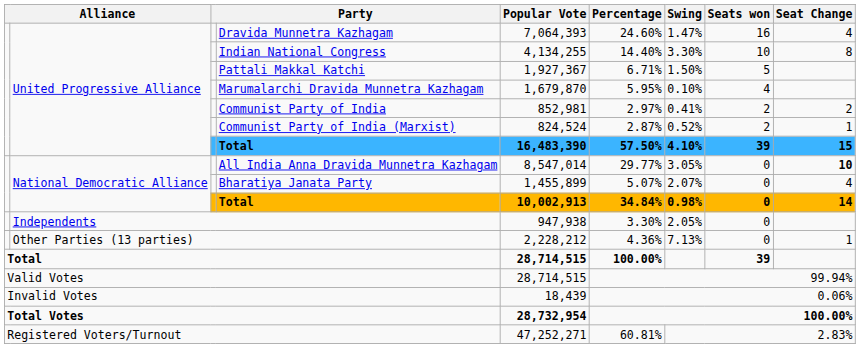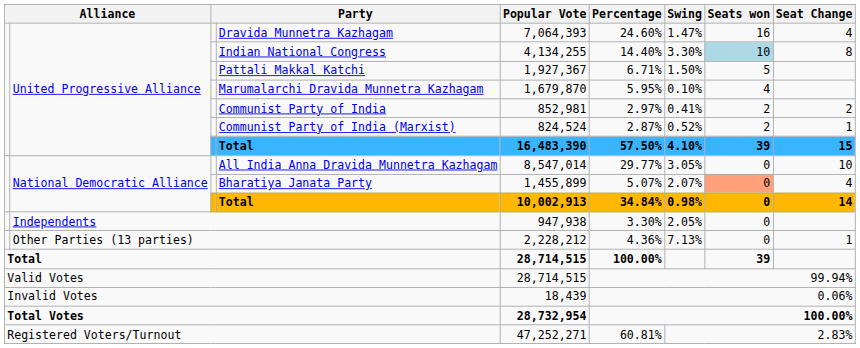 <table class='wikitable'>
 <tr>
 <th colspan="2" align=centre>Alliance</th>
 <th colspan="2" align=centre>Party</th>
 <th align=centre>Popular Vote</th>
 <th align=centre>Percentage</th>
 <th align=centre>Swing</th>
 <th align=centre>Seats won</th>
 <th align=centre>Seat Change</th>
 </tr>
 <tr>
 <td rowspan="7"></td>
 <td rowspan="7"><a href='#'>United Progressive Alliance</a></td>
 <td></td>
 <td><a href='#'>Dravida Munnetra Kazhagam</a></td>
 <td align=right>7,064,393</td>
 <td align=right>24.60%</td>
 <td align=right>1.47%</td>
 <td align=right>16</td>
 <td align=right>4</td>
 </tr>
 <tr>
 <td></td>
 <td><a href='#'>Indian National Congress</a></td>
 <td align=right>4,134,255</td>
 <td align=right>14.40%</td>
 <td align=right>3.30%</td>
-<td align=right>10</td>
+<td align=right style="background: lightblue;">10</td>
 <td align=right>8</td>
 </tr>
 <tr>
 <td></td>
 <td><a href='#'>Pattali Makkal Katchi</a></td>
 <td align=right>1,927,367</td>
 <td align=right>6.71%</td>
 <td align=right>1.50%</td>
 <td align=right>5</td>
 <td align=right></td>
 </tr>
 <tr>
 <td></td>
 <td><a href='#'>Marumalarchi Dravida Munnetra Kazhagam</a></td>
 <td align=right>1,679,870</td>
 <td align=right>5.95%</td>
 <td align=right>0.10%</td>
 <td align=right>4</td>
 <td align=right></td>
 </tr>
 <tr>
 <td></td>
 <td><a href='#'>Communist Party of India</a></td>
 <td align=right>852,981</td>
 <td align=right>2.97%</td>
 <td align=right>0.41%</td>
 <td align=right>2</td>
 <td align=right>2</td>
 </tr>
 <tr>
 <td></td>
 <td><a href='#'>Communist Party of India (Marxist)</a></td>
 <td align=right>824,524</td>
 <td align=right>2.87%</td>
 <td align=right>0.52%</td>
 <td align=right>2</td>
 <td align=right>1</td>
 </tr>
 <tr>
 <td style="background:#3BB4FF"></td>
 <td style="background:#3BB4FF" align=left><strong>Total</strong></td>
 <td style="background:#3BB4FF" align=right><strong>16,483,390</strong></td>
 <td style="background:#3BB4FF" align=right><strong>57.50%</strong></td>
 <td style="background:#3BB4FF" align=right><strong>4.10%</strong></td>
 <td style="background:#3BB4FF" align=right><strong>39</strong></td>
 <td style="background:#3BB4FF" align=right><strong>15</strong></td>
 </tr>
 <tr>
 <td rowspan="3"></td>
 <td rowspan="3"><a href='#'>National Democratic Alliance</a></td>
 <td></td>
 <td><a href='#'>All India Anna Dravida Munnetra Kazhagam</a></td>
 <td align=right>8,547,014</td>
 <td align=right>29.77%</td>
 <td align=right>3.05%</td>
 <td align=right>0</td>
-<td align=right><strong>10</strong></td>
+<td align=right>10</td>
 </tr>
 <tr>
 <td></td>
 <td><a href='#'>Bharatiya Janata Party</a></td>
 <td align=right>1,455,899</td>
 <td align=right>5.07%</td>
 <td align=right>2.07%</td>
-<td align=right>0</td>
+<td align=right style="background: lightsalmon;">0</td>
 <td align=right>4</td>
 </tr>
 <tr>
 <td style="background:#FFB700"></td>
 <td style="background:#FFB700" align=left><strong>Total</strong></td>
 <td style="background:#FFB700" align=right><strong>10,002,913</strong></td>
 <td style="background:#FFB700" align=right><strong>34.84%</strong></td>
 <td style="background:#FFB700" align=right><strong>0.98%</strong></td>
 <td style="background:#FFB700" align=right><strong>0</strong></td>
 <td style="background:#FFB700" align=right><strong>14</strong></td>
 </tr>
 <tr>
 <td></td>
 <td colspan="3" align=left><a href='#'>Independents</a></td>
 <td align=right>947,938</td>
 <td align=right>3.30%</td>
 <td align=right>2.05%</td>
 <td align=right>0</td>
 <td align=right></td>
 </tr>
 <tr>
 <td></td>
 <td colspan="3" align=left>Other Parties (13 parties)</td>
 <td align=right>2,228,212</td>
 <td align=right>4.36%</td>
 <td align=right>7.13%</td>
 <td align=right>0</td>
 <td align=right>1</td>
 </tr>
 <tr>
 <td colspan="4" align=left><strong>Total</strong></td>
 <td align=right><strong>28,714,515</strong></td>
 <td align=right><strong>100.00%</strong></td>
 <td align=right></td>
 <td align=right><strong>39</strong></td>
 <td align=right></td>
 </tr>
 <tr>
 <td colspan="4" align=left>Valid Votes</td>
 <td align=right>28,714,515</td>
 <td colspan="4" align=right>99.94%</td>
 </tr>
 <tr>
 <td colspan="4" align=left>Invalid Votes</td>
 <td align=right>18,439</td>
 <td colspan="4" align=right>0.06%</td>
 </tr>
 <tr>
 <td colspan="4" align=left><strong>Total Votes</strong></td>
 <td align=right><strong>28,732,954</strong></td>
 <td colspan="4" align=right><strong>100.00%</strong></td>
 </tr>
 <tr>
 <td colspan="4" align=left>Registered Voters/Turnout</td>
 <td align=right>47,252,271</td>
 <td align=right>60.81%</td>
 <td colspan="3" align=right>2.83%</td>
 </tr>
 </table>
